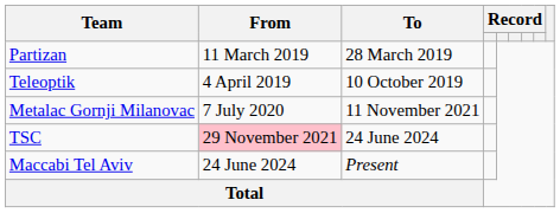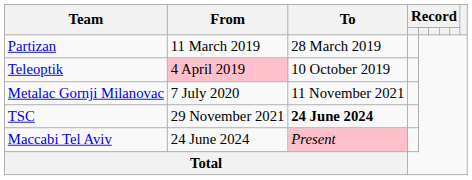 <table class="wikitable" style="text-align:center">
 <tr>
 <th rowspan="2">Team</th>
 <th rowspan="2">From</th>
 <th rowspan="2">To</th>
 <th colspan="5">Record</th>
 <th rowspan=2></th>
 </tr>
 <tr>
 <th></th>
 <th></th>
 <th></th>
 <th></th>
 <th></th>
 </tr>
 <tr>
 <td align=left><a href='#'>Partizan</a></td>
 <td align=left>11 March 2019</td>
 <td align=left>28 March 2019<br></td>
 <td></td>
 </tr>
 <tr>
 <td align=left><a href='#'>Teleoptik</a></td>
-<td align=left>4 April 2019</td>
+<td align=left style="background: pink;">4 April 2019</td>
 <td align=left>10 October 2019<br></td>
 <td></td>
 </tr>
 <tr>
 <td align=left><a href='#'>Metalac Gornji Milanovac</a></td>
 <td align=left>7 July 2020</td>
 <td align=left>11 November 2021<br></td>
 <td></td>
 </tr>
 <tr>
 <td align=left><a href='#'>TSC</a></td>
-<td align=left style="background: pink;">29 November 2021</td>
-<td align=left>24 June 2024<br></td>
+<td align=left>29 November 2021</td>
+<td align=left><strong>24 June 2024<br></strong></td>
 <td></td>
 </tr>
 <tr>
 <td align=left><a href='#'>Maccabi Tel Aviv</a></td>
 <td align=left>24 June 2024</td>
-<td align=left><em>Present</em><br></td>
+<td align=left style="background: pink;"><em>Present</em><br></td>
 <td></td>
 </tr>
 <tr>
 <th colspan="3">Total<br></th>
 </tr>
 </table>
